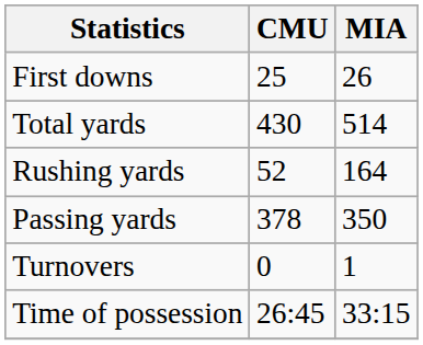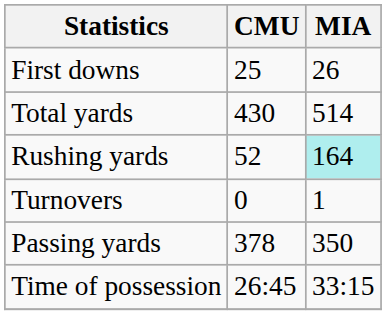 <table class="wikitable">
 <tr>
 <th>Statistics</th>
 <th>CMU</th>
 <th>MIA</th>
 </tr>
 <tr>
 <td>First downs</td>
 <td>25</td>
 <td>26</td>
 </tr>
 <tr>
 <td>Total yards</td>
 <td>430</td>
 <td>514</td>
 </tr>
 <tr>
 <td>Rushing yards</td>
 <td>52</td>
-<td>164</td>
+<td style="background: paleturquoise;">164</td>
+</tr>
+<tr>
+<td>Turnovers</td>
+<td>0</td>
+<td>1</td>
 </tr>
 <tr>
 <td>Passing yards</td>
 <td>378</td>
 <td>350</td>
-</tr>
-<tr>
-<td>Turnovers</td>
-<td>0</td>
-<td>1</td>
 </tr>
 <tr>
 <td>Time of possession</td>
 <td>26:45</td>
 <td>33:15</td>
 </tr>
 <tr>
 </tr>
 </table>
